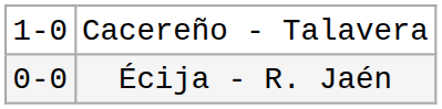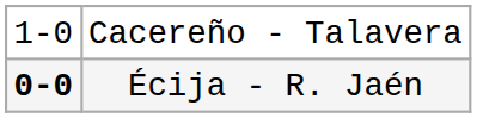 <table class="wikitable">
 <tr align=center bgcolor=white>
 <td>1-0</td>
 <td>Cacereño - Talavera</td>
 </tr>
 <tr align=center bgcolor=#F5F5F5>
-<td>0-0</td>
+<td><strong>0-0</strong></td>
 <td>Écija - R. Jaén</td>
 </tr>
 </table>
